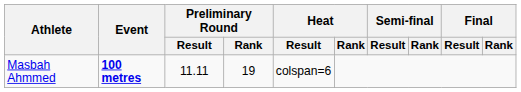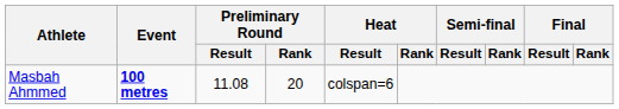 <table class="wikitable" style="font-size:90%">
 <tr>
 <th rowspan="2">Athlete</th>
 <th rowspan="2">Event</th>
 <th colspan="2">Preliminary Round</th>
 <th colspan="2">Heat</th>
 <th colspan="2">Semi-final</th>
 <th colspan="2">Final</th>
 </tr>
 <tr style="font-size:95%">
 <th>Result</th>
 <th>Rank</th>
 <th>Result</th>
 <th>Rank</th>
 <th>Result</th>
 <th>Rank</th>
 <th>Result</th>
 <th>Rank</th>
 </tr>
 <tr style=text-align:center>
 <td style=text-align:left><a href='#'>Masbah Ahmmed</a></td>
 <td style=text-align:left><strong><a href='#'>100 metres</a></strong></td>
-<td>11.11</td>
-<td>19</td>
+<td>11.08</td>
+<td>20</td>
 <td>colspan=6 </td>
 </tr>
 </table>
